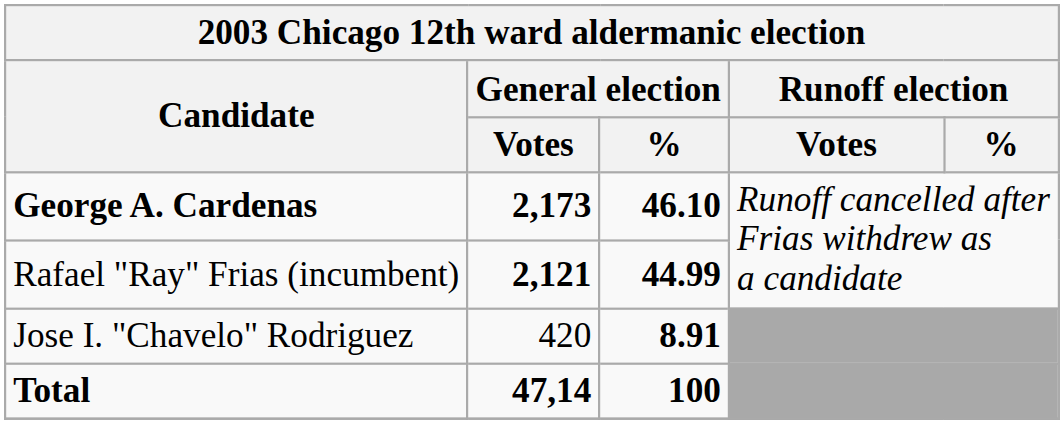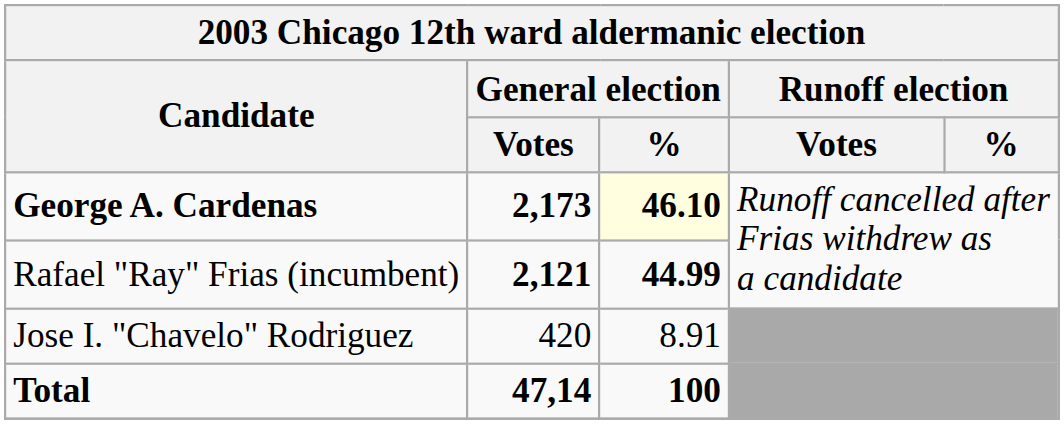 <table class=wikitable>
 <tr>
 <th colspan=5>2003 Chicago 12th ward aldermanic election</th>
 </tr>
 <tr>
 <th colspan=1 rowspan=2>Candidate</th>
 <th colspan=2>General election</th>
 <th colspan=2>Runoff election</th>
 </tr>
 <tr>
 <th>Votes</th>
 <th>%</th>
 <th>Votes</th>
 <th>%</th>
 </tr>
 <tr>
 <td><strong>George A. Cardenas</strong></td>
 <td align="right"><strong>2,173</strong></td>
-<td align="right"><strong>46.10</strong></td>
+<td align="right" style="background: lightyellow;"><strong>46.10</strong></td>
 <td rowspan=2 colspan=2><em>Runoff cancelled after<br>Frias withdrew as<br>a candidate</em></td>
 </tr>
 <tr>
 <td>Rafael "Ray" Frias (incumbent)</td>
 <td align="right"><strong>2,121</strong></td>
 <td align="right"><strong>44.99</strong></td>
 </tr>
 <tr>
 <td>Jose I. "Chavelo" Rodriguez</td>
 <td align="right">420</td>
-<td align="right"><strong>8.91</strong></td>
+<td align="right">8.91</td>
 <td colspan=2 bgcolor=darkgray></td>
 </tr>
 <tr>
 <td><strong>Total</strong></td>
 <td align="right"><strong>47,14</strong></td>
 <td align="right"><strong>100</strong></td>
 <td colspan=2 bgcolor=darkgray></td>
 </tr>
 <tr>
 </tr>
 </table>
